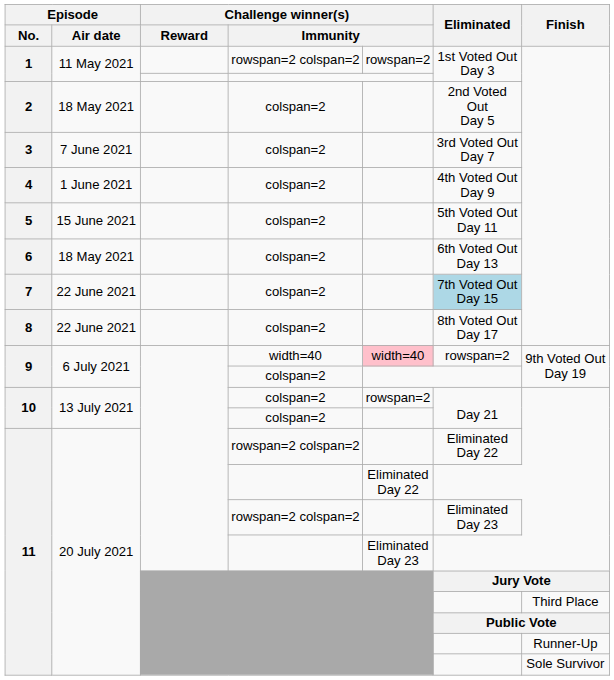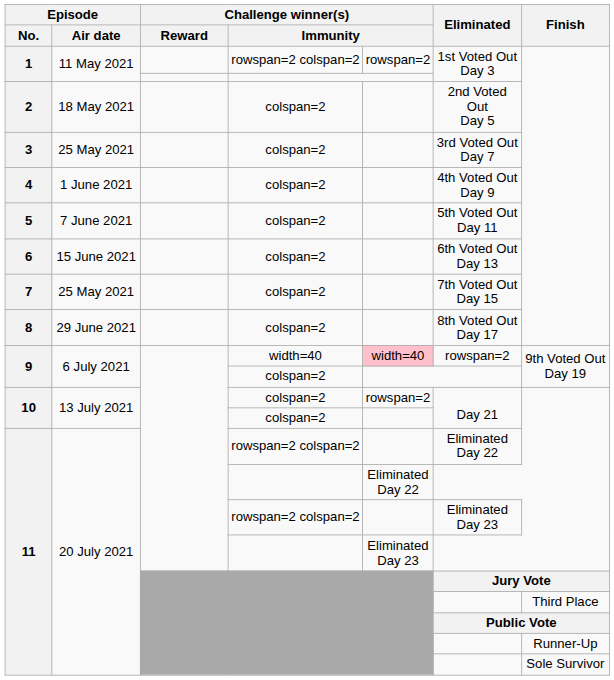 <table class="wikitable width=70% plainrowheaders nowrap" style="margin:auto; text-align:center">
 <tr>
 <th scope="col" colspan=2>Episode</th>
 <th scope="col" colspan=3>Challenge winner(s)</th>
 <th scope="col" rowspan=2 width=100>Eliminated</th>
 <th scope="col" rowspan=2 width=100>Finish</th>
 </tr>
 <tr>
 <th scope="col" width=050>No.</th>
 <th scope="col" width=100>Air date</th>
 <th scope="col" width=100>Reward</th>
 <th scope="col" width=100 colspan=2>Immunity</th>
 </tr>
 <tr>
 <th rowspan=2>1</th>
 <td rowspan=2>11 May 2021</td>
 <td></td>
 <td>rowspan=2 colspan=2 </td>
 <td>rowspan=2 </td>
 <td rowspan=2>1st Voted Out<br>Day 3</td>
 </tr>
 <tr>
 <td></td>
 </tr>
 <tr>
 <th>2</th>
 <td>18 May 2021</td>
 <td></td>
 <td>colspan=2 </td>
 <td></td>
 <td>2nd Voted Out<br>Day 5</td>
 </tr>
 <tr>
 <th>3</th>
-<td>7 June 2021</td>
+<td>25 May 2021</td>
 <td></td>
 <td>colspan=2 </td>
 <td></td>
 <td>3rd Voted Out<br>Day 7</td>
 </tr>
 <tr>
 <th>4</th>
 <td>1 June 2021</td>
 <td></td>
 <td>colspan=2 </td>
 <td></td>
 <td>4th Voted Out<br>Day 9</td>
 </tr>
 <tr>
 <th>5</th>
-<td>15 June 2021</td>
+<td>7 June 2021</td>
 <td></td>
 <td>colspan=2 </td>
 <td></td>
 <td>5th Voted Out<br>Day 11</td>
 </tr>
 <tr>
 <th>6</th>
-<td>18 May 2021</td>
+<td>15 June 2021</td>
 <td></td>
 <td>colspan=2 </td>
 <td></td>
 <td>6th Voted Out<br>Day 13</td>
 </tr>
 <tr>
 <th>7</th>
-<td>22 June 2021</td>
+<td>25 May 2021</td>
 <td></td>
 <td>colspan=2 </td>
 <td></td>
-<td style="background: lightblue;">7th Voted Out<br>Day 15</td>
+<td>7th Voted Out<br>Day 15</td>
 </tr>
 <tr>
 <th>8</th>
-<td>22 June 2021</td>
+<td>29 June 2021</td>
 <td></td>
 <td>colspan=2 </td>
 <td></td>
 <td>8th Voted Out<br>Day 17</td>
 </tr>
 <tr>
 <th rowspan=2>9</th>
 <td rowspan=2>6 July 2021</td>
 <td rowspan=8></td>
 <td>width=40 </td>
 <td style="background: pink;">width=40 </td>
 <td>rowspan=2 </td>
 <td rowspan=2>9th Voted Out<br>Day 19</td>
 </tr>
 <tr>
 <td>colspan=2 </td>
 </tr>
 <tr>
 <th rowspan=2>10</th>
 <td rowspan=2>13 July 2021</td>
 <td>colspan=2 </td>
 <td>rowspan=2 </td>
 <td rowspan=2><br>Day 21</td>
 </tr>
 <tr>
 <td>colspan=2 </td>
 </tr>
 <tr>
 <th rowspan=9>11</th>
 <td rowspan=9>20 July 2021</td>
 <td>rowspan=2 colspan=2 </td>
 <td></td>
 <td>Eliminated<br>Day 22</td>
 </tr>
 <tr>
 <td></td>
 <td>Eliminated<br>Day 22</td>
 </tr>
 <tr>
 <td>rowspan=2 colspan=2 </td>
 <td></td>
 <td>Eliminated<br>Day 23</td>
 </tr>
 <tr>
 <td></td>
 <td>Eliminated<br>Day 23</td>
 </tr>
 <tr>
 <td rowspan=5 colspan=3 bgcolor=A9A9A9></td>
 <th colspan=2>Jury Vote</th>
 </tr>
 <tr>
 <td></td>
 <td>Third Place</td>
 </tr>
 <tr>
 <th colspan=2>Public Vote</th>
 </tr>
 <tr>
 <td></td>
 <td>Runner-Up</td>
 </tr>
 <tr>
 <td></td>
 <td>Sole Survivor</td>
 </tr>
 </table>
